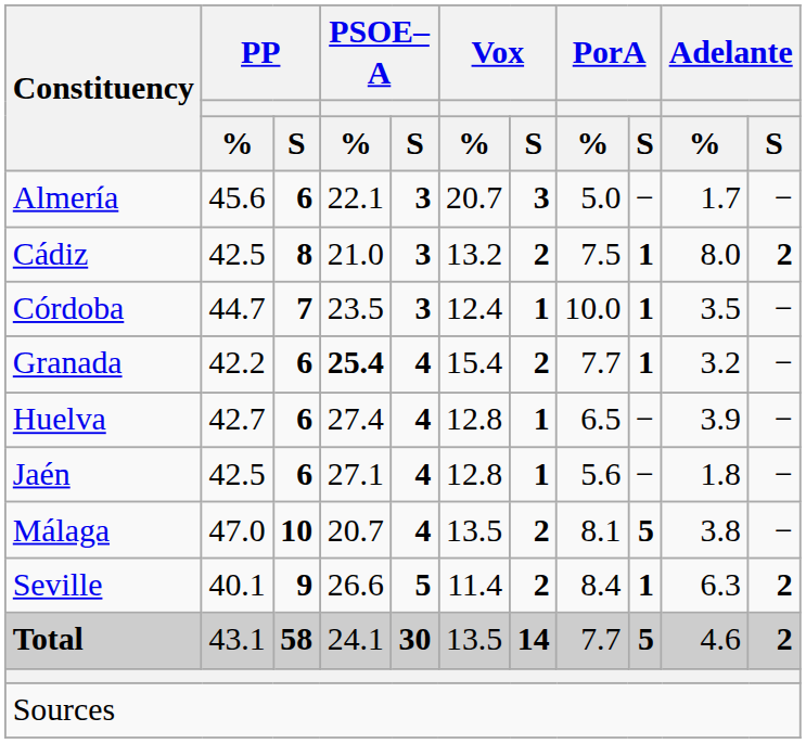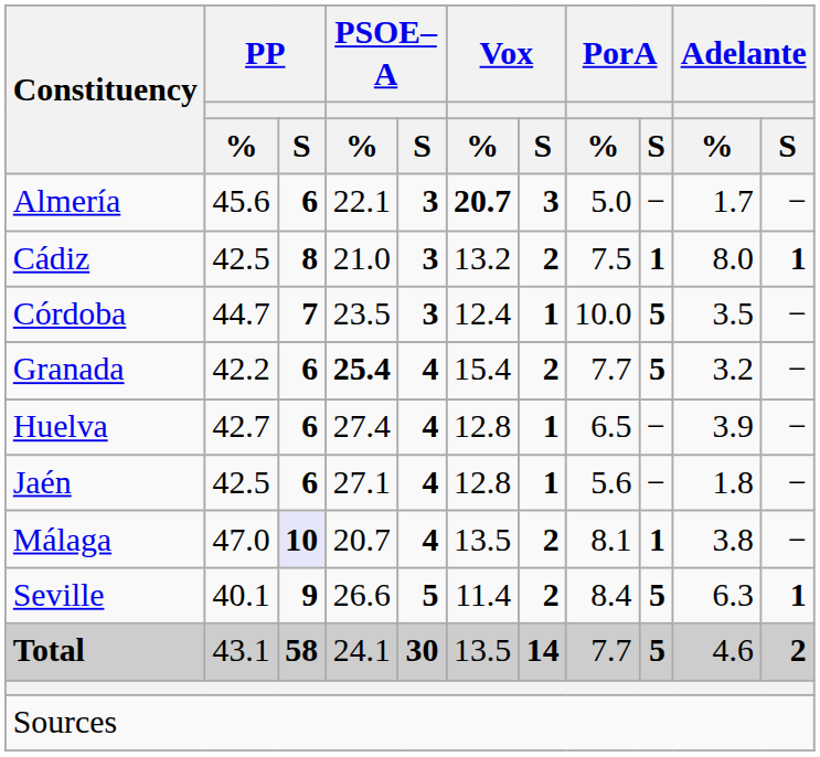 <table class="wikitable sortable" style="text-align:right; line-height:20px;">
 <tr>
 <th rowspan="3">Constituency</th>
 <th colspan="2" width="30px" class="unsortable"><a href='#'>PP</a></th>
 <th colspan="2" width="30px" class="unsortable"><a href='#'>PSOE–A</a></th>
 <th colspan="2" width="30px" class="unsortable"><a href='#'>Vox</a></th>
 <th colspan="2" width="30px" class="unsortable"><a href='#'>PorA</a></th>
 <th colspan="2" width="30px" class="unsortable"><a href='#'>Adelante</a></th>
 </tr>
 <tr>
 <th colspan="2" style="background:"></th>
 <th colspan="2" style="background:"></th>
 <th colspan="2" style="background:"></th>
 <th colspan="2" style="background:"></th>
 <th colspan="2" style="background:"></th>
 </tr>
 <tr>
 <th data-sort-type="number">%</th>
 <th data-sort-type="number">S</th>
 <th data-sort-type="number">%</th>
 <th data-sort-type="number">S</th>
 <th data-sort-type="number">%</th>
 <th data-sort-type="number">S</th>
 <th data-sort-type="number">%</th>
 <th data-sort-type="number">S</th>
 <th data-sort-type="number">%</th>
 <th data-sort-type="number">S</th>
 </tr>
 <tr>
 <td align="left"><a href='#'>Almería</a></td>
 <td style="background:">45.6</td>
 <td><strong>6</strong></td>
 <td>22.1</td>
 <td><strong>3</strong></td>
-<td>20.7</td>
+<td><strong>20.7</strong></td>
 <td><strong>3</strong></td>
 <td>5.0</td>
 <td>−</td>
 <td>1.7</td>
 <td>−</td>
 </tr>
 <tr>
 <td align="left"><a href='#'>Cádiz</a></td>
 <td style="background:">42.5</td>
 <td><strong>8</strong></td>
 <td>21.0</td>
 <td><strong>3</strong></td>
 <td>13.2</td>
 <td><strong>2</strong></td>
 <td>7.5</td>
 <td><strong>1</strong></td>
 <td>8.0</td>
-<td><strong>2</strong></td>
+<td><strong>1</strong></td>
 </tr>
 <tr>
 <td align="left"><a href='#'>Córdoba</a></td>
 <td style="background:">44.7</td>
 <td><strong>7</strong></td>
 <td>23.5</td>
 <td><strong>3</strong></td>
 <td>12.4</td>
 <td><strong>1</strong></td>
 <td>10.0</td>
-<td><strong>1</strong></td>
+<td><strong>5</strong></td>
 <td>3.5</td>
 <td>−</td>
 </tr>
 <tr>
 <td align="left"><a href='#'>Granada</a></td>
 <td style="background:">42.2</td>
 <td><strong>6</strong></td>
 <td><strong>25.4</strong></td>
 <td><strong>4</strong></td>
 <td>15.4</td>
 <td><strong>2</strong></td>
 <td>7.7</td>
-<td><strong>1</strong></td>
+<td><strong>5</strong></td>
 <td>3.2</td>
 <td>−</td>
 </tr>
 <tr>
 <td align="left"><a href='#'>Huelva</a></td>
 <td style="background:">42.7</td>
 <td><strong>6</strong></td>
 <td>27.4</td>
 <td><strong>4</strong></td>
 <td>12.8</td>
 <td><strong>1</strong></td>
 <td>6.5</td>
 <td>−</td>
 <td>3.9</td>
 <td>−</td>
 </tr>
 <tr>
 <td align="left"><a href='#'>Jaén</a></td>
 <td style="background:">42.5</td>
 <td><strong>6</strong></td>
 <td>27.1</td>
 <td><strong>4</strong></td>
 <td>12.8</td>
 <td><strong>1</strong></td>
 <td>5.6</td>
 <td>−</td>
 <td>1.8</td>
 <td>−</td>
 </tr>
 <tr>
 <td align="left"><a href='#'>Málaga</a></td>
 <td style="background:">47.0</td>
-<td><strong>10</strong></td>
+<td style="background: lavender;"><strong>10</strong></td>
 <td>20.7</td>
 <td><strong>4</strong></td>
 <td>13.5</td>
 <td><strong>2</strong></td>
 <td>8.1</td>
-<td><strong>5</strong></td>
+<td><strong>1</strong></td>
 <td>3.8</td>
 <td>−</td>
 </tr>
 <tr>
 <td align="left"><a href='#'>Seville</a></td>
 <td style="background:">40.1</td>
 <td><strong>9</strong></td>
 <td>26.6</td>
 <td><strong>5</strong></td>
 <td>11.4</td>
 <td><strong>2</strong></td>
 <td>8.4</td>
+<td><strong>5</strong></td>
+<td>6.3</td>
 <td><strong>1</strong></td>
-<td>6.3</td>
-<td><strong>2</strong></td>
 </tr>
 <tr style="background:#CDCDCD;">
 <td align="left"><strong>Total</strong></td>
 <td style="background:">43.1</td>
 <td><strong>58</strong></td>
 <td>24.1</td>
 <td><strong>30</strong></td>
 <td>13.5</td>
 <td><strong>14</strong></td>
 <td>7.7</td>
 <td><strong>5</strong></td>
 <td>4.6</td>
 <td><strong>2</strong></td>
 </tr>
 <tr>
 <th colspan="11"></th>
 </tr>
 <tr>
 <th style="text-align:left; font-weight:normal; background:#F9F9F9" colspan="11">Sources</th>
 </tr>
 </table>
